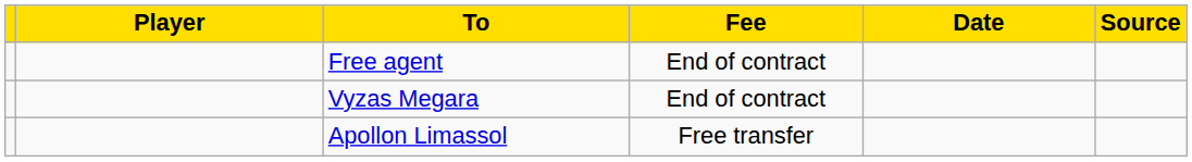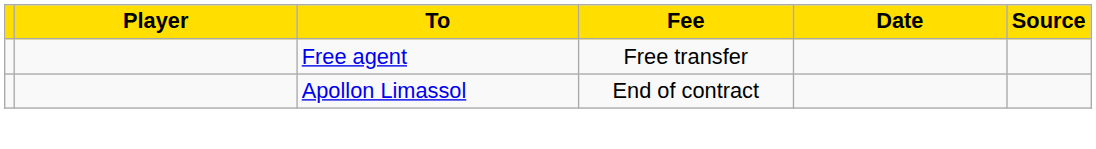 <table class="wikitable sortable">
 <tr>
 <th style="background:#FFDE00"></th>
 <th width=200 style="background:#FFDE00">Player</th>
 <th width=200 style="background:#FFDE00">To</th>
 <th width=150 style="background:#FFDE00">Fee</th>
 <th width=150 style="background:#FFDE00">Date</th>
 <th style="background:#FFDE00">Source</th>
 </tr>
 <tr>
 <td align=center></td>
 <td></td>
 <td><a href='#'>Free agent</a></td>
-<td align=center>End of contract</td>
-<td align=center></td>
-<td align=center></td>
-</tr>
-<tr>
-<td align=center></td>
-<td></td>
-<td> <a href='#'>Vyzas Megara</a></td>
-<td align=center>End of contract</td>
+<td align=center>Free transfer</td>
 <td align=center></td>
 <td align=center></td>
 </tr>
 <tr>
 <td align=center></td>
 <td></td>
 <td> <a href='#'>Apollon Limassol</a></td>
-<td align=center>Free transfer</td>
+<td align=center>End of contract</td>
 <td align=center></td>
 <td align=center></td>
 </tr>
 </table>
